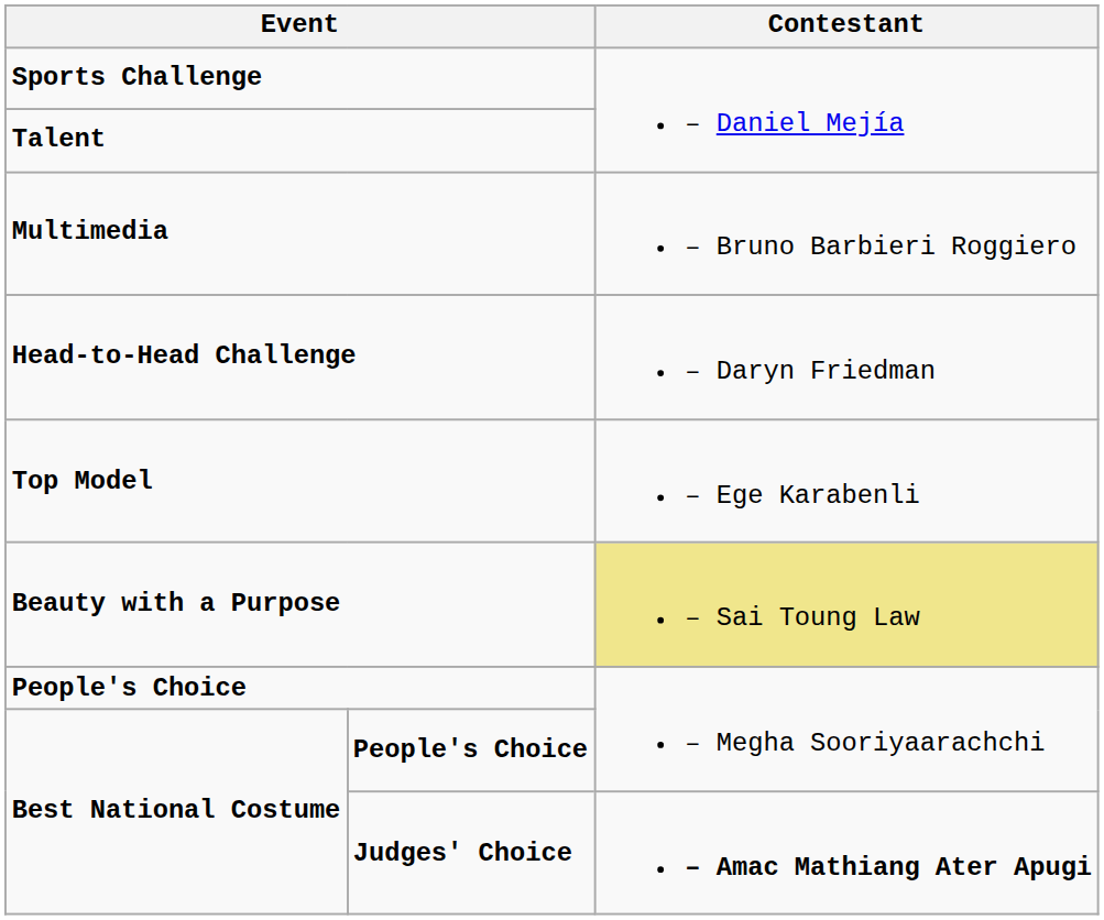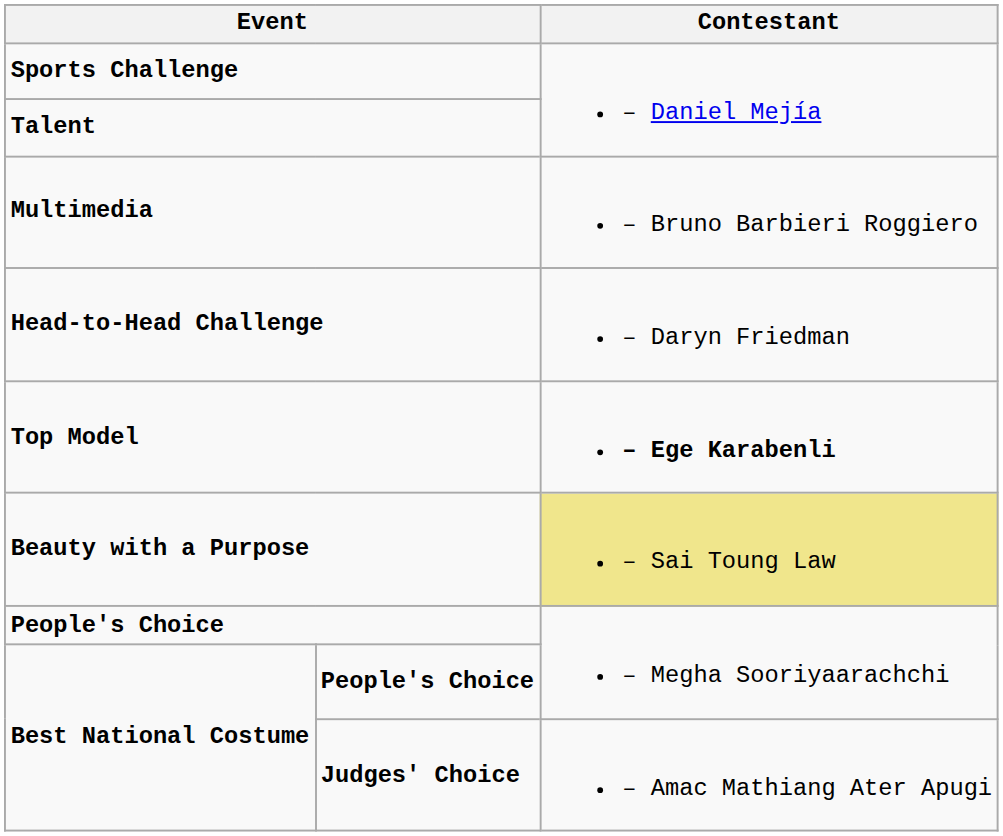 <table class="wikitable" style="font-size: 95%;">
 <tr>
 <th colspan=2>Event</th>
 <th>Contestant</th>
 </tr>
 <tr>
 <td colspan=2><strong>Sports Challenge</strong></td>
 <td rowspan=2><br><ul><li> – <a href='#'>Daniel Mejía</a></li></ul></td>
 </tr>
 <tr>
 <td colspan=2><strong>Talent</strong></td>
 </tr>
 <tr>
 <td colspan=2><strong>Multimedia</strong></td>
 <td><br><ul><li> – Bruno Barbieri Roggiero</li></ul></td>
 </tr>
 <tr>
 <td colspan=2><strong>Head-to-Head Challenge</strong></td>
 <td><br><ul><li> – Daryn Friedman</li></ul></td>
 </tr>
 <tr>
 <td colspan=2><strong>Top Model</strong></td>
-<td><br><ul><li> – Ege Karabenli</li></ul></td>
+<td><strong><br><ul><li> – Ege Karabenli</li></ul></strong></td>
 </tr>
 <tr>
 <td colspan=2><strong>Beauty with a Purpose</strong></td>
 <td style="background: khaki;"><br><ul><li> – Sai Toung Law</li></ul></td>
 </tr>
 <tr>
 <td colspan=2><strong>People's Choice</strong></td>
 <td rowspan=2><br><ul><li> – Megha Sooriyaarachchi</li></ul></td>
 </tr>
 <tr>
 <td rowspan="2"><strong>Best National Costume</strong></td>
 <td><strong>People's Choice</strong></td>
 </tr>
 <tr>
 <td><strong>Judges' Choice</strong></td>
-<td><strong><br><ul><li> – Amac Mathiang Ater Apugi</li></ul></strong></td>
+<td><br><ul><li> – Amac Mathiang Ater Apugi</li></ul></td>
 </tr>
 </table>
